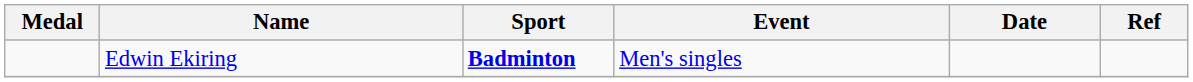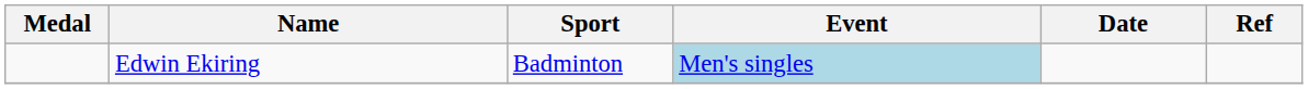 <table class="wikitable sortable" style="font-size:100%">
 <tr>
 <th width="60">Medal</th>
 <th width="250">Name</th>
 <th width="100">Sport</th>
 <th width="230">Event</th>
 <th width="100">Date</th>
 <th width="55">Ref</th>
 </tr>
 <tr>
 <td></td>
 <td><a href='#'>Edwin Ekiring</a></td>
-<td><strong><a href='#'>Badminton</a></strong></td>
-<td><a href='#'>Men's singles</a></td>
+<td><a href='#'>Badminton</a></td>
+<td style="background: lightblue;"><a href='#'>Men's singles</a></td>
 <td></td>
 <td></td>
 </tr>
 <tr>
 </tr>
 </table>
